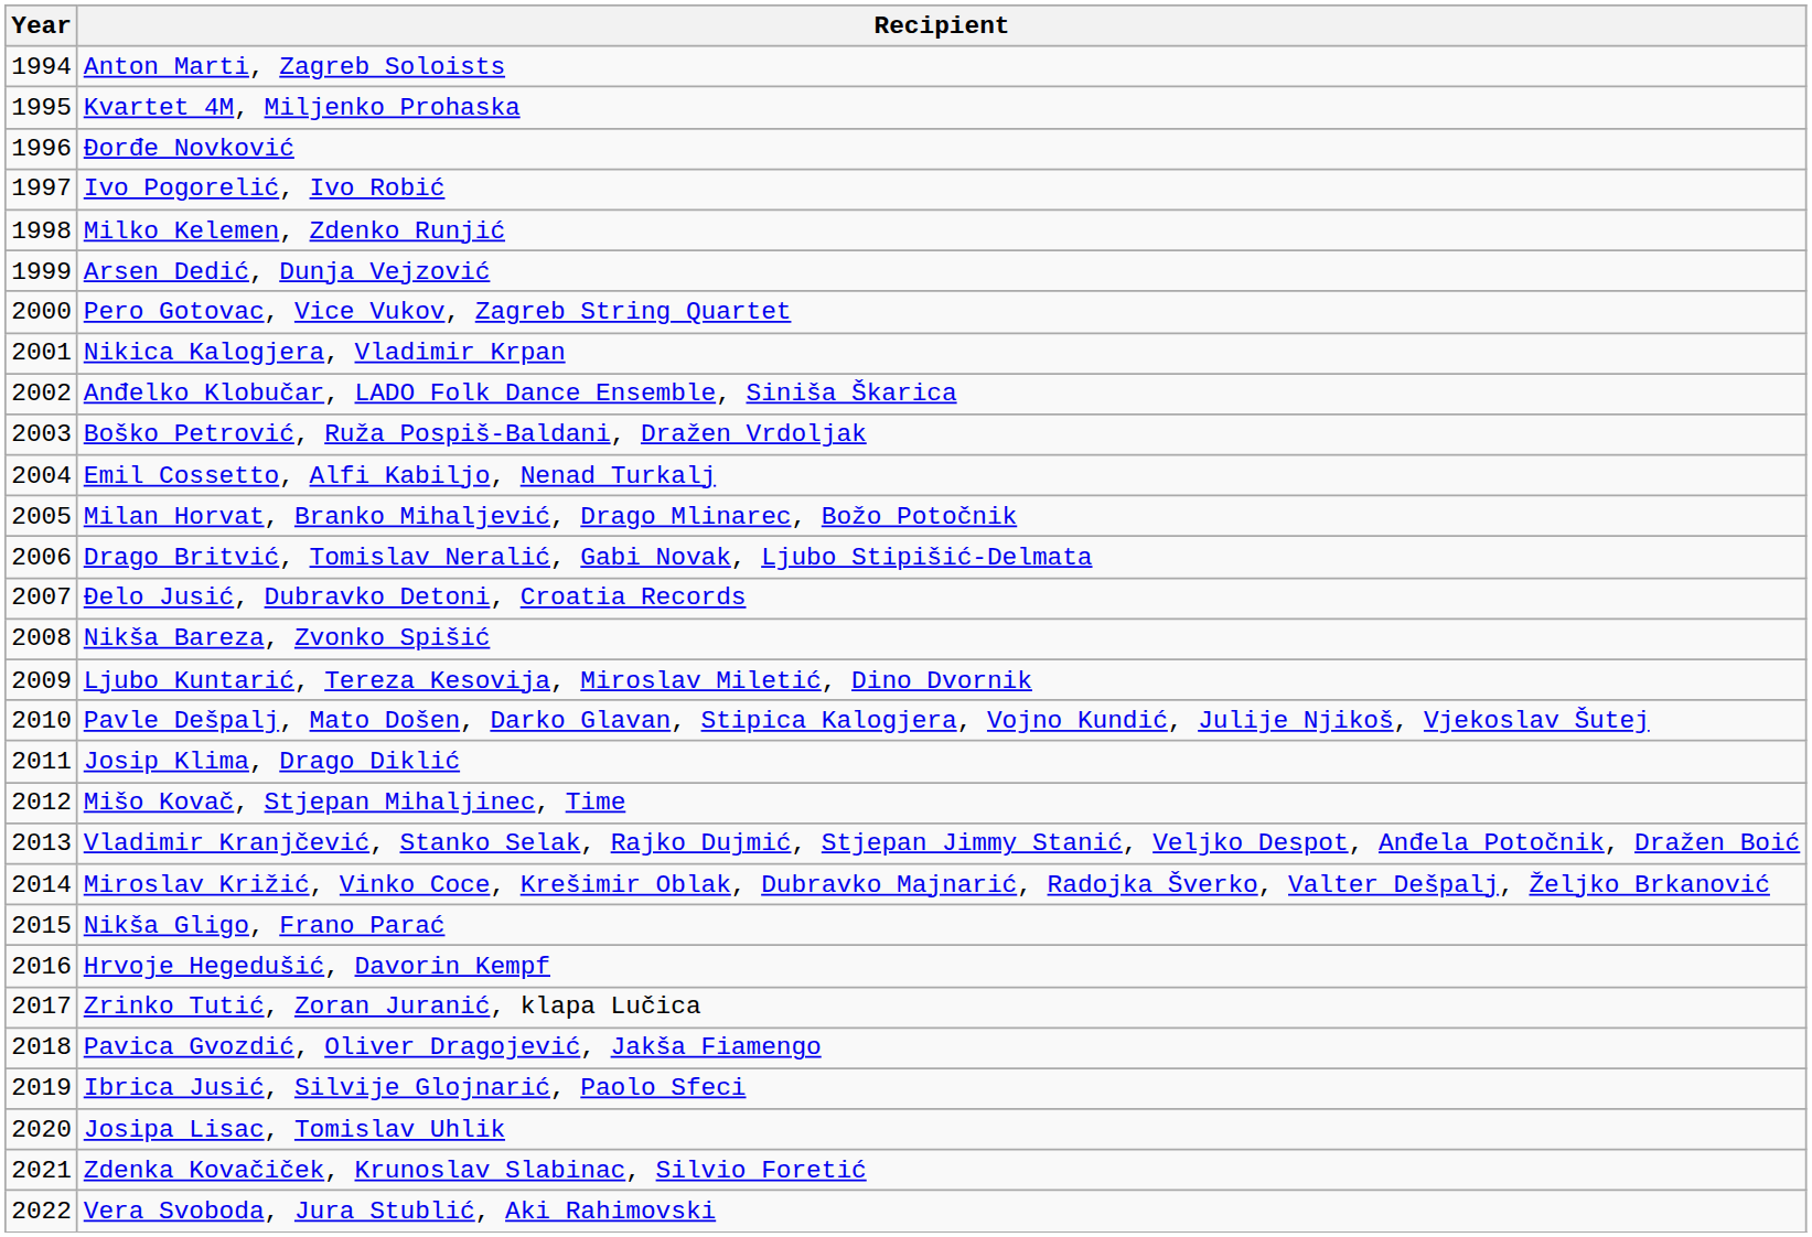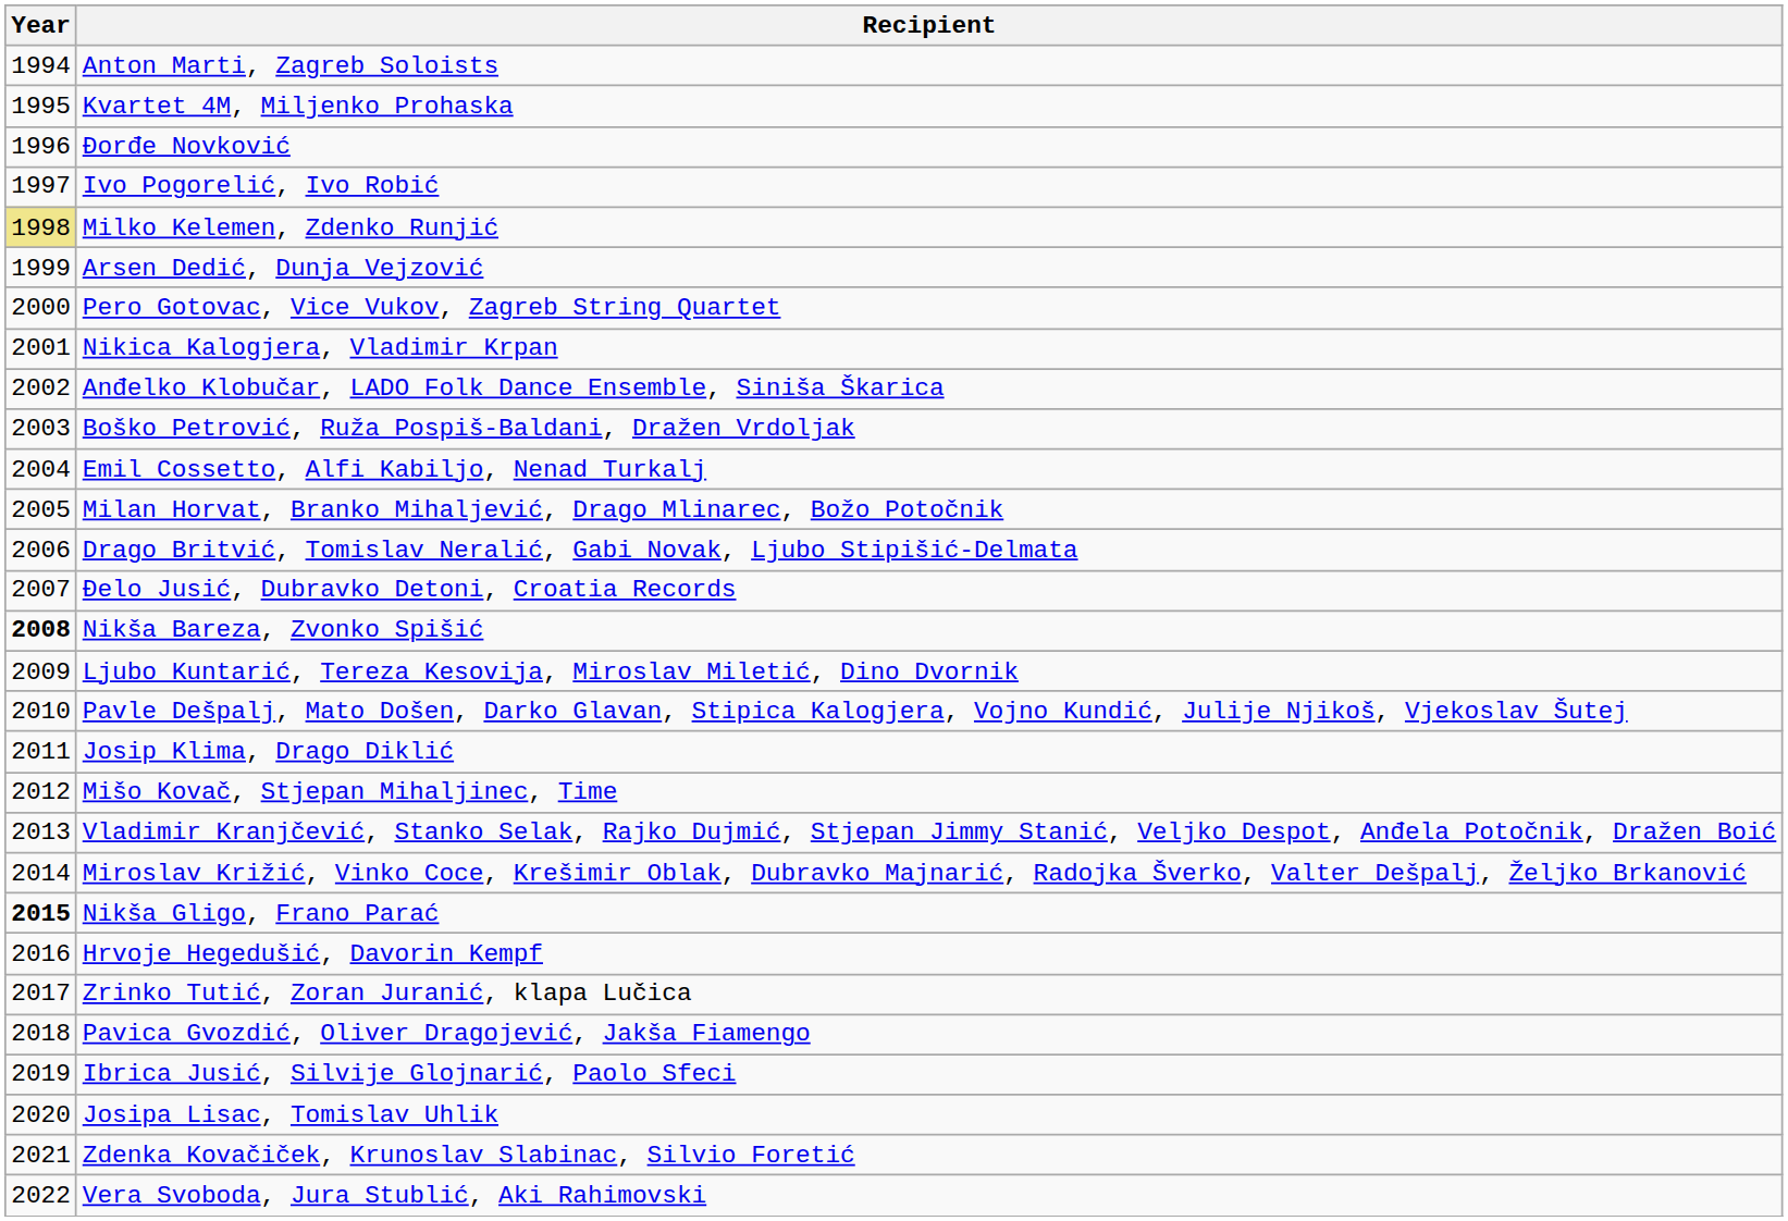 <table class="wikitable">
 <tr>
 <th>Year</th>
 <th>Recipient</th>
 </tr>
 <tr>
 <td>1994</td>
 <td><a href='#'>Anton Marti</a>, <a href='#'>Zagreb Soloists</a></td>
 </tr>
 <tr>
 <td>1995</td>
 <td><a href='#'>Kvartet 4M</a>, <a href='#'>Miljenko Prohaska</a></td>
 </tr>
 <tr>
 <td>1996</td>
 <td><a href='#'>Đorđe Novković</a></td>
 </tr>
 <tr>
 <td>1997</td>
 <td><a href='#'>Ivo Pogorelić</a>, <a href='#'>Ivo Robić</a></td>
 </tr>
 <tr>
-<td>1998</td>
+<td style="background: khaki;">1998</td>
 <td><a href='#'>Milko Kelemen</a>, <a href='#'>Zdenko Runjić</a></td>
 </tr>
 <tr>
 <td>1999</td>
 <td><a href='#'>Arsen Dedić</a>, <a href='#'>Dunja Vejzović</a></td>
 </tr>
 <tr>
 <td>2000</td>
 <td><a href='#'>Pero Gotovac</a>, <a href='#'>Vice Vukov</a>, <a href='#'>Zagreb String Quartet</a></td>
 </tr>
 <tr>
 <td>2001</td>
 <td><a href='#'>Nikica Kalogjera</a>, <a href='#'>Vladimir Krpan</a></td>
 </tr>
 <tr>
 <td>2002</td>
 <td><a href='#'>Anđelko Klobučar</a>, <a href='#'>LADO Folk Dance Ensemble</a>, <a href='#'>Siniša Škarica</a></td>
 </tr>
 <tr>
 <td>2003</td>
 <td><a href='#'>Boško Petrović</a>, <a href='#'>Ruža Pospiš-Baldani</a>, <a href='#'>Dražen Vrdoljak</a></td>
 </tr>
 <tr>
 <td>2004</td>
 <td><a href='#'>Emil Cossetto</a>, <a href='#'>Alfi Kabiljo</a>, <a href='#'>Nenad Turkalj</a></td>
 </tr>
 <tr>
 <td>2005</td>
 <td><a href='#'>Milan Horvat</a>, <a href='#'>Branko Mihaljević</a>, <a href='#'>Drago Mlinarec</a>, <a href='#'>Božo Potočnik</a></td>
 </tr>
 <tr>
 <td>2006</td>
 <td><a href='#'>Drago Britvić</a>, <a href='#'>Tomislav Neralić</a>, <a href='#'>Gabi Novak</a>, <a href='#'>Ljubo Stipišić-Delmata</a></td>
 </tr>
 <tr>
 <td>2007</td>
 <td><a href='#'>Đelo Jusić</a>, <a href='#'>Dubravko Detoni</a>, <a href='#'>Croatia Records</a></td>
 </tr>
 <tr>
-<td>2008</td>
+<td><strong>2008</strong></td>
 <td><a href='#'>Nikša Bareza</a>, <a href='#'>Zvonko Spišić</a></td>
 </tr>
 <tr>
 <td>2009</td>
 <td><a href='#'>Ljubo Kuntarić</a>, <a href='#'>Tereza Kesovija</a>, <a href='#'>Miroslav Miletić</a>, <a href='#'>Dino Dvornik</a></td>
 </tr>
 <tr>
 <td>2010</td>
 <td><a href='#'>Pavle Dešpalj</a>, <a href='#'>Mato Došen</a>, <a href='#'>Darko Glavan</a>, <a href='#'>Stipica Kalogjera</a>, <a href='#'>Vojno Kundić</a>, <a href='#'>Julije Njikoš</a>, <a href='#'>Vjekoslav Šutej</a></td>
 </tr>
 <tr>
 <td>2011</td>
 <td><a href='#'>Josip Klima</a>, <a href='#'>Drago Diklić</a></td>
 </tr>
 <tr>
 <td>2012</td>
 <td><a href='#'>Mišo Kovač</a>, <a href='#'>Stjepan Mihaljinec</a>, <a href='#'>Time</a></td>
 </tr>
 <tr>
 <td>2013</td>
 <td><a href='#'>Vladimir Kranjčević</a>, <a href='#'>Stanko Selak</a>, <a href='#'>Rajko Dujmić</a>, <a href='#'>Stjepan Jimmy Stanić</a>,  <a href='#'>Veljko Despot</a>, <a href='#'>Anđela Potočnik</a>, <a href='#'>Dražen Boić</a></td>
 </tr>
 <tr>
 <td>2014</td>
 <td><a href='#'>Miroslav Križić</a>, <a href='#'>Vinko Coce</a>, <a href='#'>Krešimir Oblak</a>, <a href='#'>Dubravko Majnarić</a>, <a href='#'>Radojka Šverko</a>, <a href='#'>Valter Dešpalj</a>, <a href='#'>Željko Brkanović</a></td>
 </tr>
 <tr>
-<td>2015</td>
+<td><strong>2015</strong></td>
 <td><a href='#'>Nikša Gligo</a>, <a href='#'>Frano Parać</a></td>
 </tr>
 <tr>
 <td>2016</td>
 <td><a href='#'>Hrvoje Hegedušić</a>, <a href='#'>Davorin Kempf</a></td>
 </tr>
 <tr>
 <td>2017</td>
 <td><a href='#'>Zrinko Tutić</a>, <a href='#'>Zoran Juranić</a>, klapa Lučica</td>
 </tr>
 <tr>
 <td>2018</td>
 <td><a href='#'>Pavica Gvozdić</a>, <a href='#'>Oliver Dragojević</a>, <a href='#'>Jakša Fiamengo</a></td>
 </tr>
 <tr>
 <td>2019</td>
 <td><a href='#'>Ibrica Jusić</a>, <a href='#'>Silvije Glojnarić</a>, <a href='#'>Paolo Sfeci</a></td>
 </tr>
 <tr>
 <td>2020</td>
 <td><a href='#'>Josipa Lisac</a>, <a href='#'>Tomislav Uhlik</a></td>
 </tr>
 <tr>
 <td>2021</td>
 <td><a href='#'>Zdenka Kovačiček</a>, <a href='#'>Krunoslav Slabinac</a>, <a href='#'>Silvio Foretić</a></td>
 </tr>
 <tr>
 <td>2022</td>
 <td><a href='#'>Vera Svoboda</a>, <a href='#'>Jura Stublić</a>, <a href='#'>Aki Rahimovski</a></td>
 </tr>
 <tr>
 </tr>
 </table>
